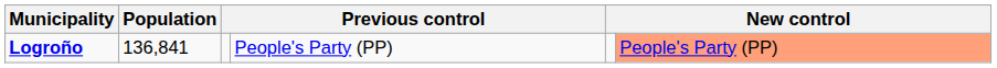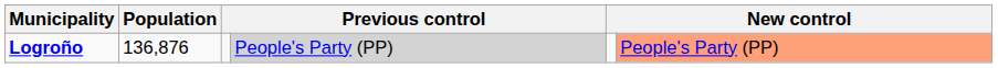 <table class="wikitable sortable">
 <tr>
 <th>Municipality</th>
 <th>Population</th>
 <th colspan="2" style="width:375px;">Previous control</th>
 <th colspan="2" style="width:375px;">New control</th>
 </tr>
 <tr>
 <td><strong><a href='#'>Logroño</a></strong></td>
-<td>136,841</td>
+<td>136,876</td>
 <td width="1" style="color:inherit;background:"></td>
-<td align="left"><a href='#'>People's Party</a> (PP)</td>
+<td align="left" style="background: lightgrey;"><a href='#'>People's Party</a> (PP)</td>
 <td width="1" style="color:inherit;background:"></td>
 <td align="left" style="background: lightsalmon;"><a href='#'>People's Party</a> (PP)</td>
 </tr>
 </table>
